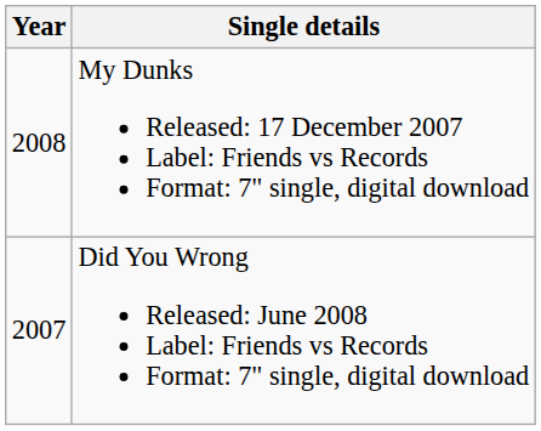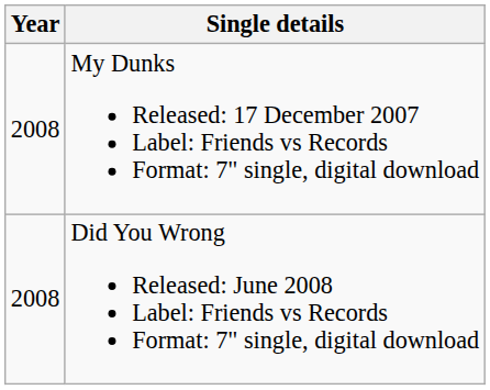 <table class="wikitable">
 <tr>
 <th>Year</th>
 <th>Single details</th>
 </tr>
 <tr>
 <td>2008</td>
 <td>My Dunks<br><ul><li>Released: 17 December 2007</li><li>Label: Friends vs Records</li><li>Format: 7" single, digital download</li></ul></td>
 </tr>
 <tr>
-<td>2007</td>
+<td>2008</td>
 <td>Did You Wrong<br><ul><li>Released: June 2008</li><li>Label: Friends vs Records</li><li>Format: 7" single, digital download</li></ul></td>
 </tr>
 </table>
